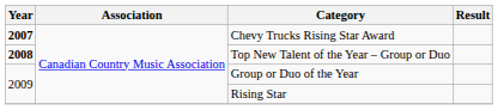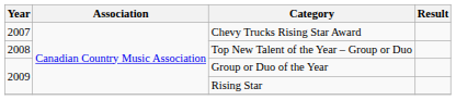 <table class="wikitable">
 <tr>
 <th>Year</th>
 <th>Association</th>
 <th>Category</th>
 <th>Result</th>
 </tr>
 <tr>
-<td><strong>2007</strong></td>
+<td>2007</td>
 <td rowspan="4"><a href='#'>Canadian Country Music Association</a></td>
 <td>Chevy Trucks Rising Star Award</td>
 <td></td>
 </tr>
 <tr>
-<td><strong>2008</strong></td>
+<td>2008</td>
 <td>Top New Talent of the Year – Group or Duo</td>
 <td></td>
 </tr>
 <tr>
 <td rowspan="2">2009</td>
 <td>Group or Duo of the Year</td>
 <td></td>
 </tr>
 <tr>
 <td>Rising Star</td>
 <td></td>
 </tr>
 <tr>
 </tr>
 </table>
